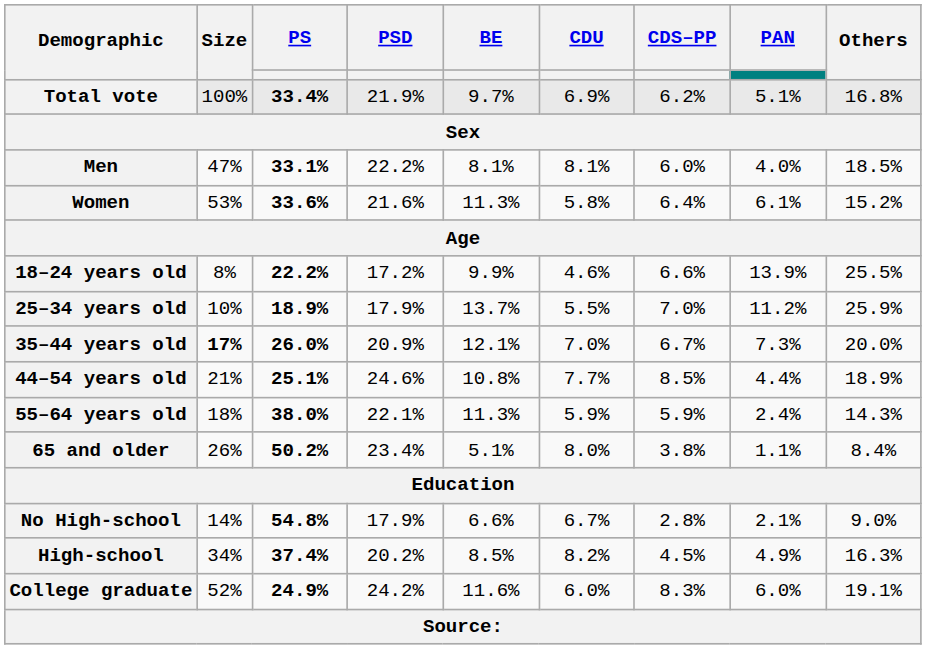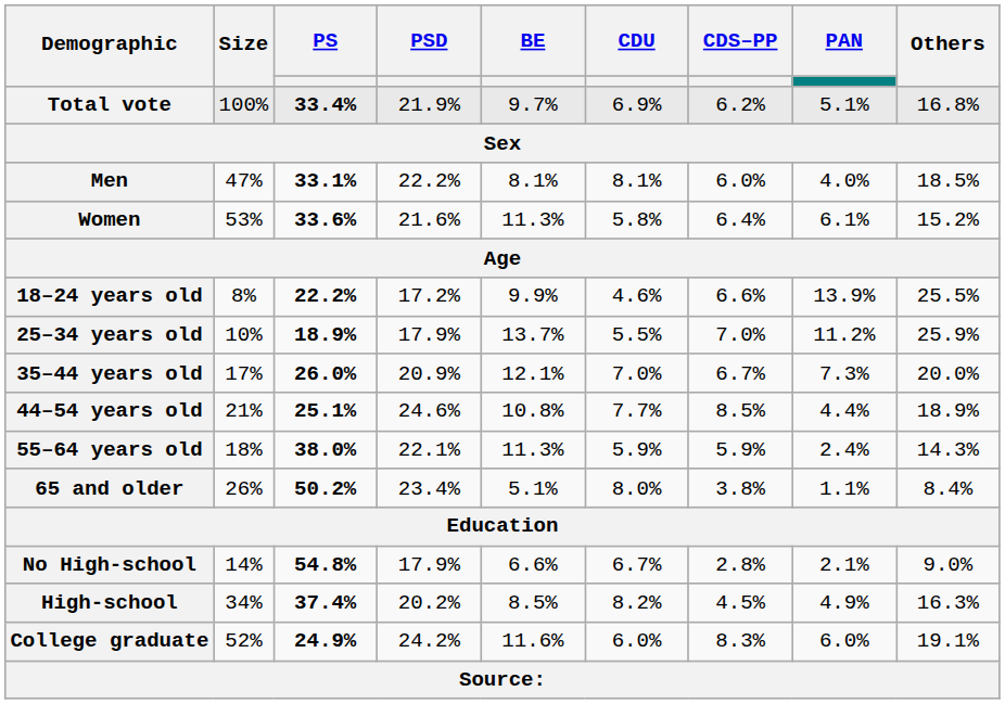 <table class="wikitable" style="text-align:center;font-size:90%;line-height:16px;">
 <tr style="height:40px;">
 <th rowspan="2" colspan="2">Demographic</th>
 <th rowspan="2">Size</th>
 <th style="width:53px;"><a href='#'>PS</a></th>
 <th style="width:53px;"><a href='#'>PSD</a></th>
 <th style="width:53px;"><a href='#'>BE</a></th>
 <th style="width:53px;"><a href='#'>CDU</a></th>
 <th style="width:53px;"><a href='#'>CDS–PP</a></th>
 <th style="width:53px;"><a href='#'>PAN</a></th>
 <th style="width:53px;" rowspan="2">Others</th>
 </tr>
 <tr>
 <th style="color:inherit;background:"></th>
 <th style="color:inherit;background:"></th>
 <th style="color:inherit;background:"></th>
 <th style="color:inherit;background:"></th>
 <th style="color:inherit;background:"></th>
 <th style="color:inherit;background:teal;"></th>
 </tr>
 <tr style="background:#E9E9E9;">
 <th colspan="2">Total vote</th>
 <td>100%</td>
 <td><strong>33.4%</strong></td>
 <td>21.9%</td>
 <td>9.7%</td>
 <td>6.9%</td>
 <td>6.2%</td>
 <td>5.1%</td>
 <td>16.8%</td>
 </tr>
 <tr>
 <th colspan="13">Sex</th>
 </tr>
 <tr>
 <th colspan="2">Men</th>
 <td>47%</td>
 <td><strong>33.1%</strong></td>
 <td>22.2%</td>
 <td>8.1%</td>
 <td>8.1%</td>
 <td>6.0%</td>
 <td>4.0%</td>
 <td>18.5%</td>
 </tr>
 <tr>
 <th colspan="2">Women</th>
 <td>53%</td>
 <td><strong>33.6%</strong></td>
 <td>21.6%</td>
 <td>11.3%</td>
 <td>5.8%</td>
 <td>6.4%</td>
 <td>6.1%</td>
 <td>15.2%</td>
 </tr>
 <tr>
 <th colspan="13">Age</th>
 </tr>
 <tr>
 <th colspan="2">18–24 years old</th>
 <td>8%</td>
 <td><strong>22.2%</strong></td>
 <td>17.2%</td>
 <td>9.9%</td>
 <td>4.6%</td>
 <td>6.6%</td>
 <td>13.9%</td>
 <td>25.5%</td>
 </tr>
 <tr>
 <th colspan="2">25–34 years old</th>
 <td>10%</td>
 <td><strong>18.9%</strong></td>
 <td>17.9%</td>
 <td>13.7%</td>
 <td>5.5%</td>
 <td>7.0%</td>
 <td>11.2%</td>
 <td>25.9%</td>
 </tr>
 <tr>
 <th colspan="2">35–44 years old</th>
-<td><strong>17%</strong></td>
+<td>17%</td>
 <td><strong>26.0%</strong></td>
 <td>20.9%</td>
 <td>12.1%</td>
 <td>7.0%</td>
 <td>6.7%</td>
 <td>7.3%</td>
 <td>20.0%</td>
 </tr>
 <tr>
 <th colspan="2">44–54 years old</th>
 <td>21%</td>
 <td><strong>25.1%</strong></td>
 <td>24.6%</td>
 <td>10.8%</td>
 <td>7.7%</td>
 <td>8.5%</td>
 <td>4.4%</td>
 <td>18.9%</td>
 </tr>
 <tr>
 <th colspan="2">55–64 years old</th>
 <td>18%</td>
 <td><strong>38.0%</strong></td>
 <td>22.1%</td>
 <td>11.3%</td>
 <td>5.9%</td>
 <td>5.9%</td>
 <td>2.4%</td>
 <td>14.3%</td>
 </tr>
 <tr>
 <th colspan="2">65 and older</th>
 <td>26%</td>
 <td><strong>50.2%</strong></td>
 <td>23.4%</td>
 <td>5.1%</td>
 <td>8.0%</td>
 <td>3.8%</td>
 <td>1.1%</td>
 <td>8.4%</td>
 </tr>
 <tr>
 <th colspan="13">Education</th>
 </tr>
 <tr>
 <th colspan="2">No High-school</th>
 <td>14%</td>
 <td><strong>54.8%</strong></td>
 <td>17.9%</td>
 <td>6.6%</td>
 <td>6.7%</td>
 <td>2.8%</td>
 <td>2.1%</td>
 <td>9.0%</td>
 </tr>
 <tr>
 <th colspan="2">High-school</th>
 <td>34%</td>
 <td><strong>37.4%</strong></td>
 <td>20.2%</td>
 <td>8.5%</td>
 <td>8.2%</td>
 <td>4.5%</td>
 <td>4.9%</td>
 <td>16.3%</td>
 </tr>
 <tr>
 <th colspan="2">College graduate</th>
 <td>52%</td>
 <td><strong>24.9%</strong></td>
 <td>24.2%</td>
 <td>11.6%</td>
 <td>6.0%</td>
 <td>8.3%</td>
 <td>6.0%</td>
 <td>19.1%</td>
 </tr>
 <tr>
 <th colspan="13">Source: </th>
 </tr>
 </table>
